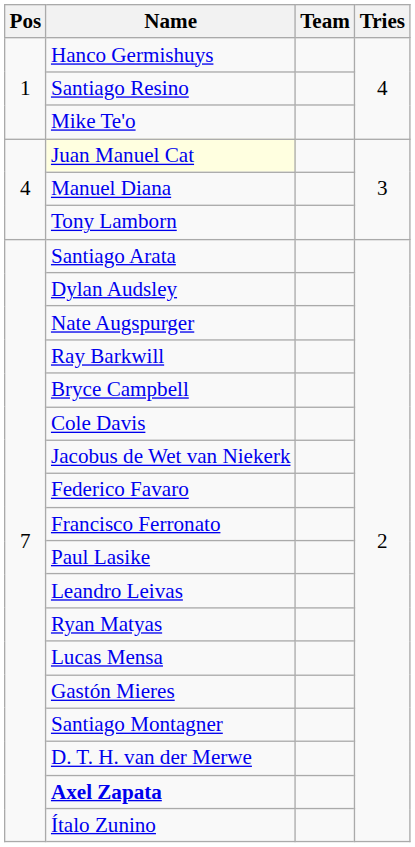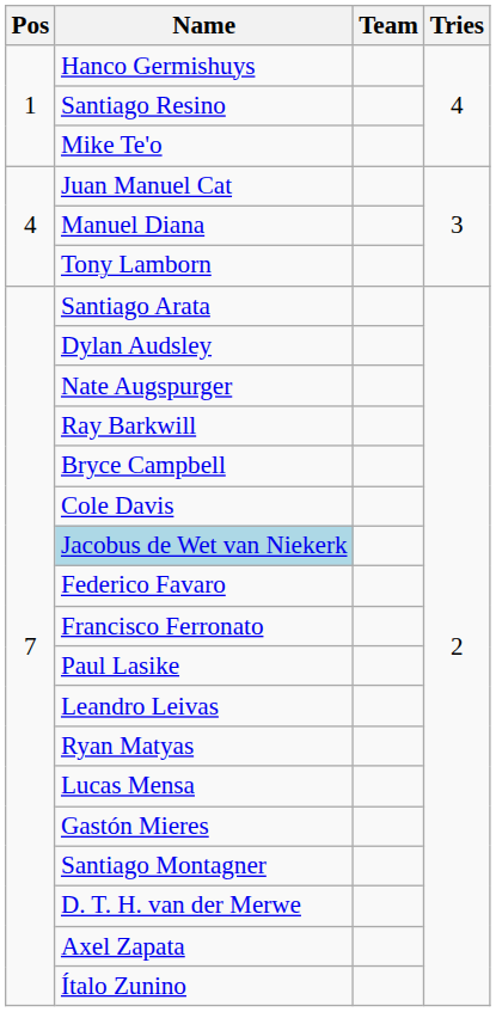 <table class="wikitable" style="text-align:center">
 <tr>
 <th>Pos</th>
 <th>Name</th>
 <th>Team</th>
 <th>Tries</th>
 </tr>
 <tr>
 <td rowspan=3>1</td>
 <td align="left"><a href='#'>Hanco Germishuys</a></td>
 <td align="left"></td>
 <td rowspan=3>4</td>
 </tr>
 <tr>
 <td align="left"><a href='#'>Santiago Resino</a></td>
 <td align="left"></td>
 </tr>
 <tr>
 <td align="left"><a href='#'>Mike Te'o</a></td>
 <td align="left"></td>
 </tr>
 <tr>
 <td rowspan=3>4</td>
-<td align="left" style="background: lightyellow;"><a href='#'>Juan Manuel Cat</a></td>
+<td align="left"><a href='#'>Juan Manuel Cat</a></td>
 <td align="left"></td>
 <td rowspan=3>3</td>
 </tr>
 <tr>
 <td align="left"><a href='#'>Manuel Diana</a></td>
 <td align="left"></td>
 </tr>
 <tr>
 <td align="left"><a href='#'>Tony Lamborn</a></td>
 <td align="left"></td>
 </tr>
 <tr>
 <td rowspan=18>7</td>
 <td align="left"><a href='#'>Santiago Arata</a></td>
 <td align="left"></td>
 <td rowspan=18>2</td>
 </tr>
 <tr>
 <td align="left"><a href='#'>Dylan Audsley</a></td>
 <td align="left"></td>
 </tr>
 <tr>
 <td align="left"><a href='#'>Nate Augspurger</a></td>
 <td align="left"></td>
 </tr>
 <tr>
 <td align="left"><a href='#'>Ray Barkwill</a></td>
 <td align="left"></td>
 </tr>
 <tr>
 <td align="left"><a href='#'>Bryce Campbell</a></td>
 <td align="left"></td>
 </tr>
 <tr>
 <td align="left"><a href='#'>Cole Davis</a></td>
 <td align="left"></td>
 </tr>
 <tr>
-<td align="left"><a href='#'>Jacobus de Wet van Niekerk</a></td>
+<td align="left" style="background: lightblue;"><a href='#'>Jacobus de Wet van Niekerk</a></td>
 <td align="left"></td>
 </tr>
 <tr>
 <td align="left"><a href='#'>Federico Favaro</a></td>
 <td align="left"></td>
 </tr>
 <tr>
 <td align="left"><a href='#'>Francisco Ferronato</a></td>
 <td align="left"></td>
 </tr>
 <tr>
 <td align="left"><a href='#'>Paul Lasike</a></td>
 <td align="left"></td>
 </tr>
 <tr>
 <td align="left"><a href='#'>Leandro Leivas</a></td>
 <td align="left"></td>
 </tr>
 <tr>
 <td align="left"><a href='#'>Ryan Matyas</a></td>
 <td align="left"></td>
 </tr>
 <tr>
 <td align="left"><a href='#'>Lucas Mensa</a></td>
 <td align="left"></td>
 </tr>
 <tr>
 <td align="left"><a href='#'>Gastón Mieres</a></td>
 <td align="left"></td>
 </tr>
 <tr>
 <td align="left"><a href='#'>Santiago Montagner</a></td>
 <td align="left"></td>
 </tr>
 <tr>
 <td align="left"><a href='#'>D. T. H. van der Merwe</a></td>
 <td align="left"></td>
 </tr>
 <tr>
-<td align="left"><strong><a href='#'>Axel Zapata</a></strong></td>
+<td align="left"><a href='#'>Axel Zapata</a></td>
 <td align="left"></td>
 </tr>
 <tr>
 <td align="left"><a href='#'>Ítalo Zunino</a></td>
 <td align="left"></td>
 </tr>
 </table>
